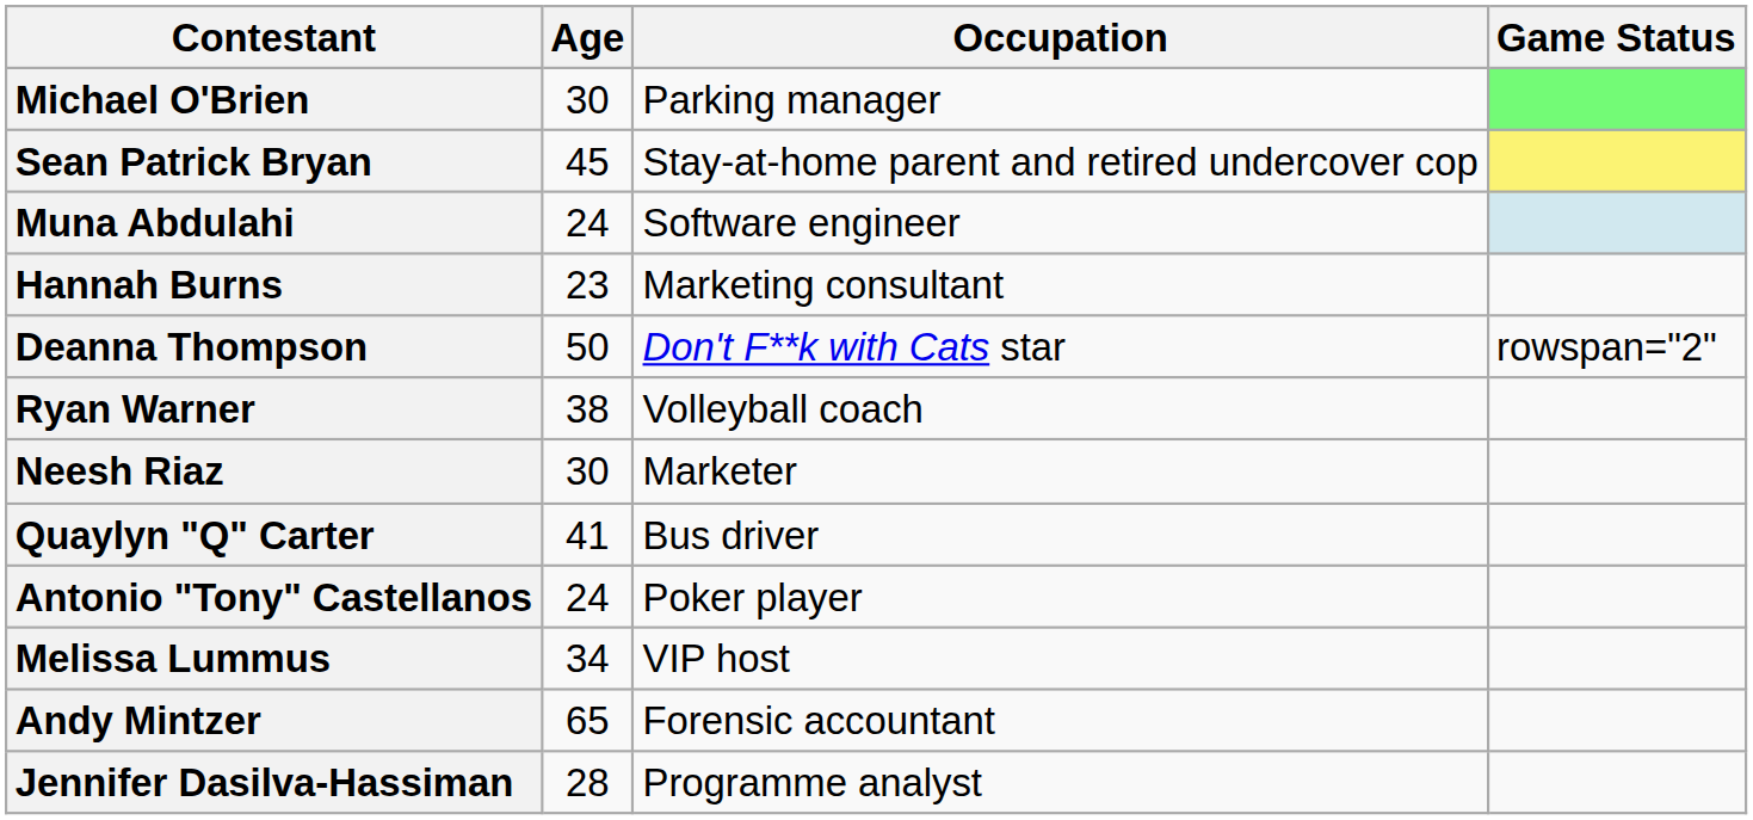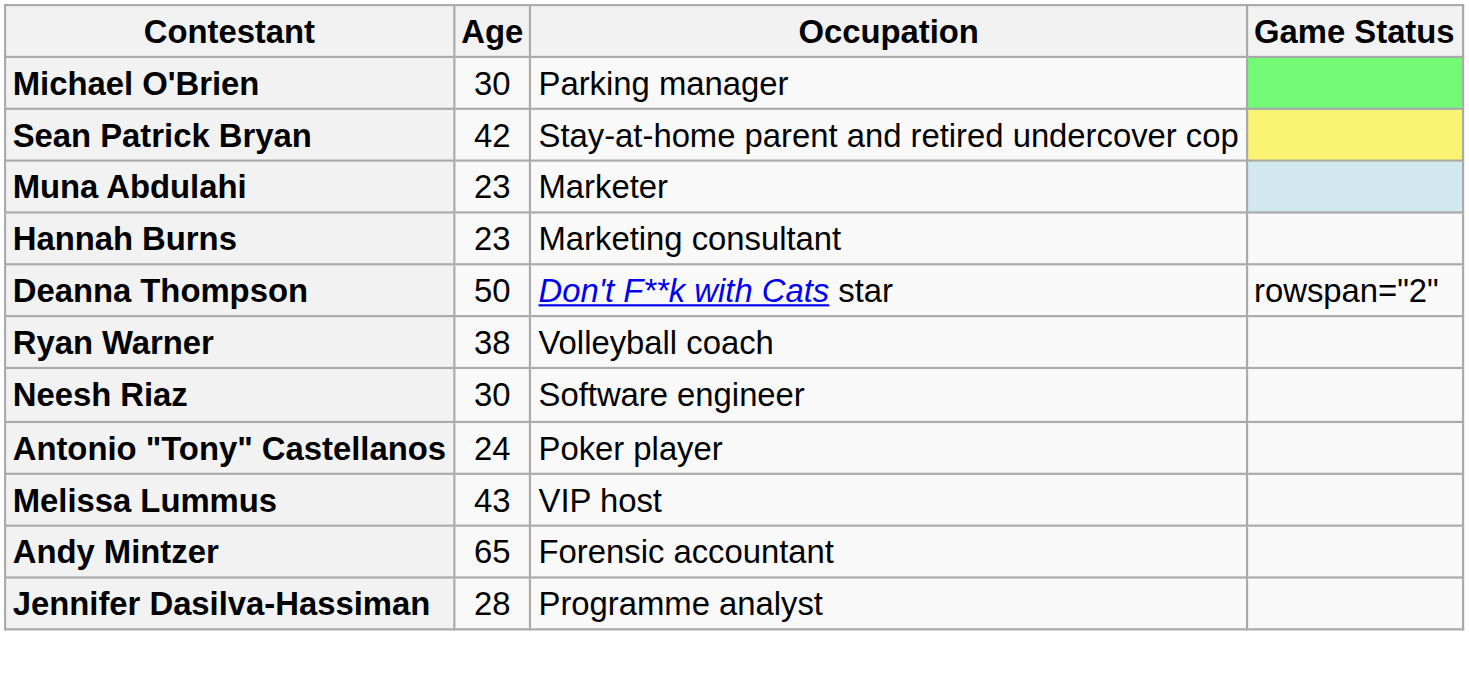 <table class="wikitable sortable" style="font-size: 95%;">
 <tr>
 <th scope="col">Contestant</th>
 <th scope="col">Age</th>
 <th scope="col" class="unsortable">Occupation</th>
 <th scope="col">Game Status</th>
 </tr>
 <tr>
 <th scope="row" style="text-align:left">Michael O'Brien</th>
 <td align="center">30</td>
 <td>Parking manager</td>
 <td align="center" style="background:#73FB76;"></td>
 </tr>
 <tr>
 <th scope="row" style="text-align:left">Sean Patrick Bryan</th>
-<td align="center">45</td>
+<td align="center">42</td>
 <td>Stay-at-home parent and retired undercover cop</td>
 <td align="center" style="background:#fbf373;"></td>
 </tr>
 <tr>
 <th scope="row" style="text-align:left">Muna Abdulahi</th>
-<td align="center">24</td>
-<td>Software engineer</td>
+<td align="center">23</td>
+<td>Marketer</td>
 <td align="center" style="background:#D1E8EF;"></td>
 </tr>
 <tr>
 <th scope="row" style="text-align:left">Hannah Burns</th>
 <td align="center">23</td>
 <td>Marketing consultant</td>
 <td></td>
 </tr>
 <tr>
 <th scope="row" style="text-align:left">Deanna Thompson</th>
 <td align="center">50</td>
 <td><em><a href='#'>Don't F**k with Cats</a></em> star</td>
 <td>rowspan="2"</td>
 </tr>
 <tr>
 <th scope="row" style="text-align:left">Ryan Warner</th>
 <td align="center">38</td>
 <td>Volleyball coach</td>
 </tr>
 <tr>
 <th scope="row" style="text-align:left">Neesh Riaz</th>
 <td align="center">30</td>
-<td>Marketer</td>
-<td></td>
-</tr>
-<tr>
-<th scope="row" style="text-align:left">Quaylyn "Q" Carter</th>
-<td align="center">41</td>
-<td>Bus driver</td>
+<td>Software engineer</td>
 <td></td>
 </tr>
 <tr>
 <th scope="row" style="text-align:left">Antonio "Tony" Castellanos</th>
 <td align="center">24</td>
 <td>Poker player</td>
 <td></td>
 </tr>
 <tr>
 <th scope="row" style="text-align:left">Melissa Lummus</th>
-<td align="center">34</td>
+<td align="center">43</td>
 <td>VIP host</td>
 <td></td>
 </tr>
 <tr>
 <th scope="row" style="text-align:left">Andy Mintzer</th>
 <td align="center">65</td>
 <td>Forensic accountant</td>
 <td></td>
 </tr>
 <tr>
 <th scope="row" style="text-align:left">Jennifer Dasilva-Hassiman</th>
 <td align="center">28</td>
 <td>Programme analyst</td>
 <td></td>
 </tr>
 </table>
